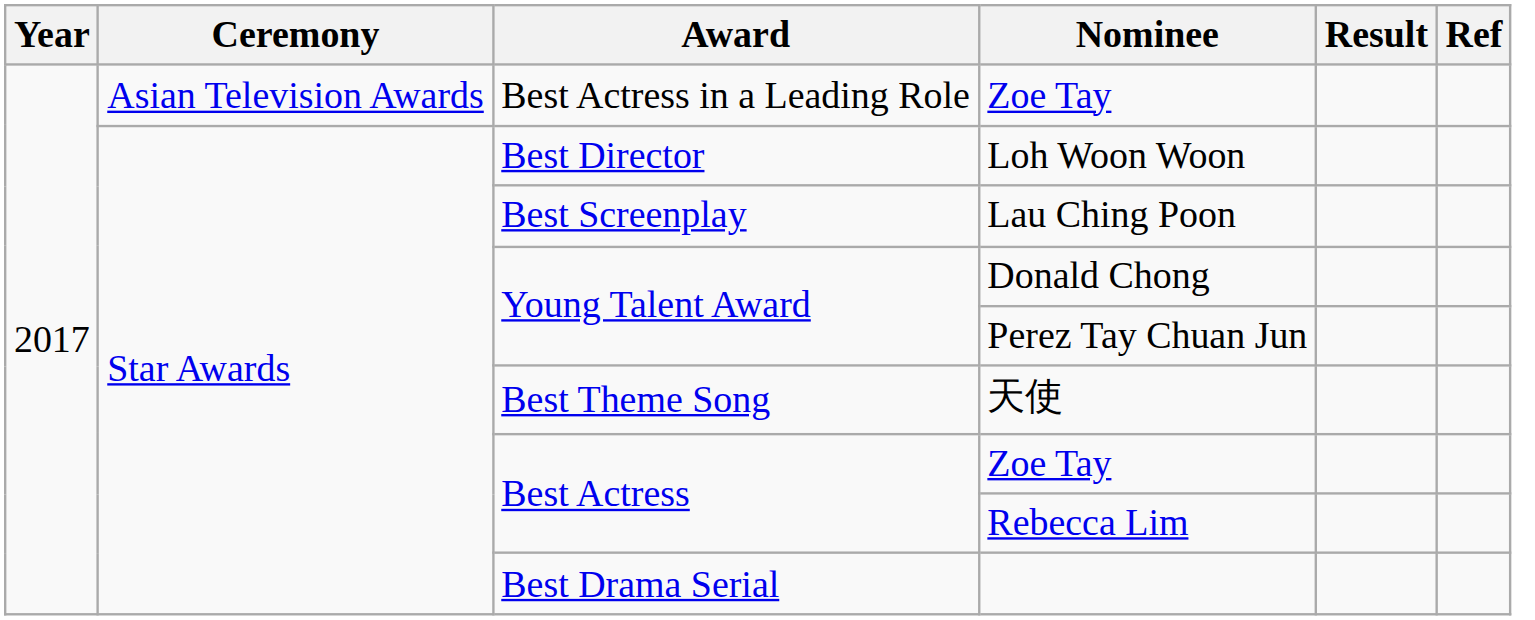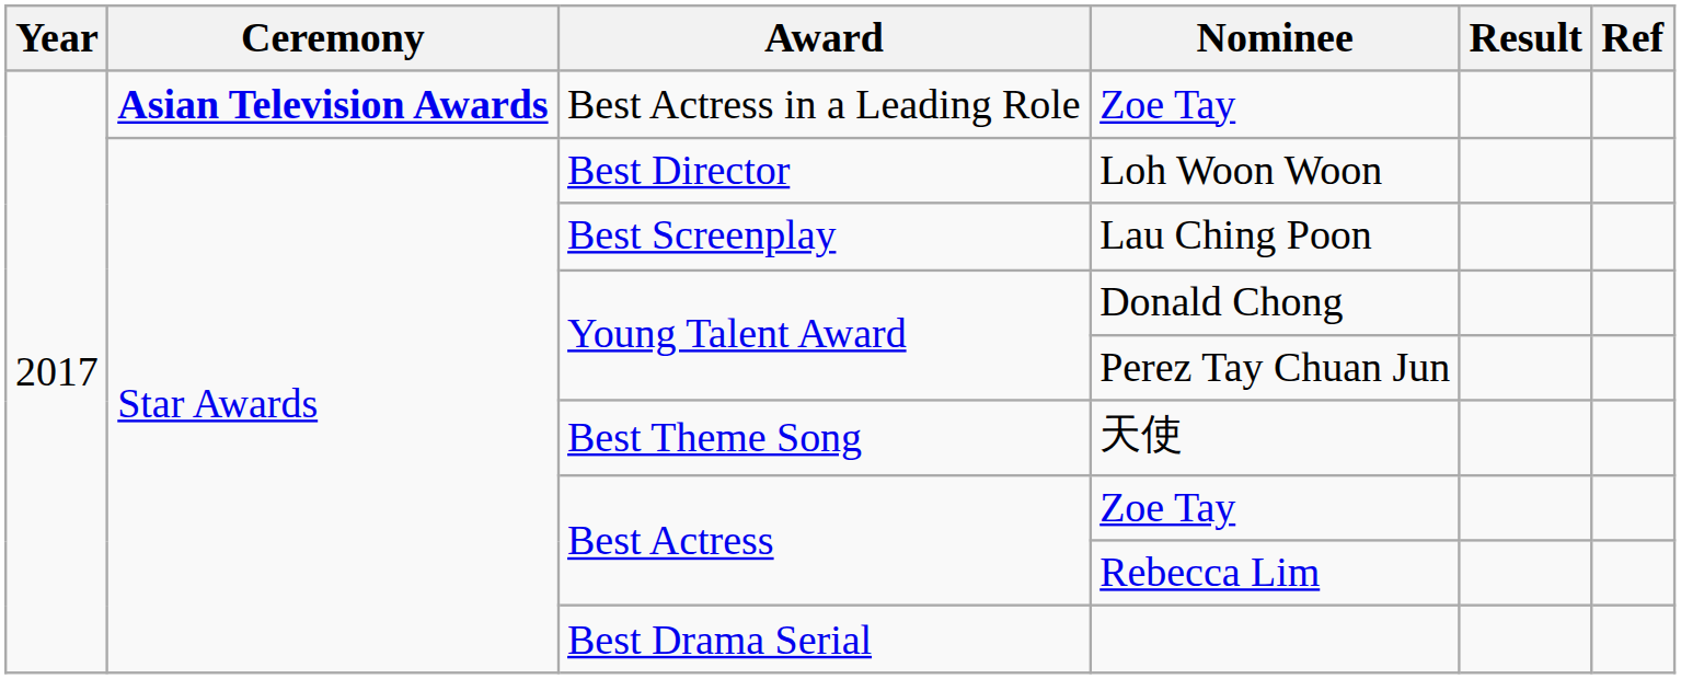 <table class="wikitable">
 <tr>
 <th>Year</th>
 <th>Ceremony</th>
 <th>Award</th>
 <th>Nominee</th>
 <th>Result</th>
 <th>Ref</th>
 </tr>
 <tr>
 <td rowspan="9">2017</td>
-<td><a href='#'>Asian Television Awards</a></td>
+<td><strong><a href='#'>Asian Television Awards</a></strong></td>
 <td>Best Actress in a Leading Role</td>
 <td><a href='#'>Zoe Tay</a></td>
 <td></td>
 <td></td>
 </tr>
 <tr>
 <td rowspan="8"><a href='#'>Star Awards</a></td>
 <td><a href='#'>Best Director</a></td>
 <td>Loh Woon Woon</td>
 <td></td>
 <td></td>
 </tr>
 <tr>
 <td><a href='#'>Best Screenplay</a></td>
 <td>Lau Ching Poon</td>
 <td></td>
 <td></td>
 </tr>
 <tr>
 <td rowspan="2"><a href='#'>Young Talent Award</a></td>
 <td>Donald Chong</td>
 <td></td>
 <td></td>
 </tr>
 <tr>
 <td>Perez Tay Chuan Jun</td>
 <td></td>
 <td></td>
 </tr>
 <tr>
 <td><a href='#'>Best Theme Song</a></td>
 <td>天使</td>
 <td></td>
 <td></td>
 </tr>
 <tr>
 <td rowspan="2"><a href='#'>Best Actress</a></td>
 <td><a href='#'>Zoe Tay</a></td>
 <td></td>
 <td></td>
 </tr>
 <tr>
 <td><a href='#'>Rebecca Lim</a></td>
 <td></td>
 <td></td>
 </tr>
 <tr>
 <td><a href='#'>Best Drama Serial</a></td>
 <td></td>
 <td></td>
 <td></td>
 </tr>
 </table>
